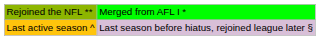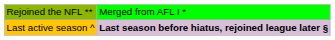 <table class="wikitable">
 <tr>
 <td style="background-color:#8DB600;">Rejoined the NFL **</td>
 <td style="background-color:#00FF00;">Merged from AFL I *</td>
 </tr>
 <tr>
 <td style="background-color:#FFC40C;">Last active season ^</td>
-<td style="background-color:#D8BFD8;">Last season before hiatus, rejoined league later §</td>
+<td style="background-color:#D8BFD8;"><strong>Last season before hiatus, rejoined league later §</strong></td>
 </tr>
 </table>
